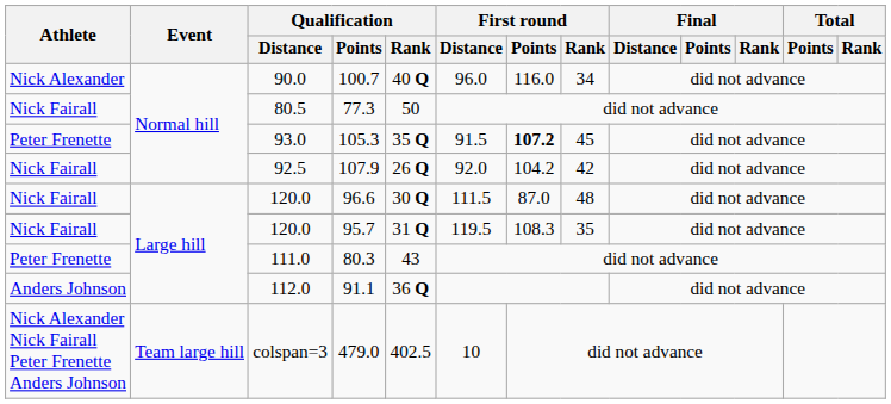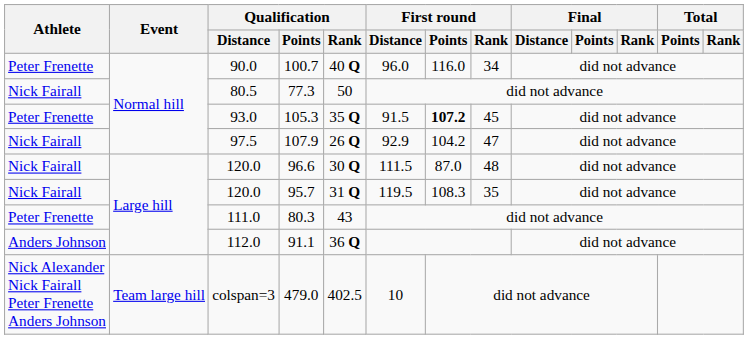 <table class=wikitable style=font-size:90%;text-align:center>
 <tr>
 <th rowspan=2>Athlete</th>
 <th rowspan=2>Event</th>
 <th colspan=3>Qualification</th>
 <th colspan=3>First round</th>
 <th colspan=3>Final</th>
 <th colspan=2>Total</th>
 </tr>
 <tr style=font-size:95%>
 <th>Distance</th>
 <th>Points</th>
 <th>Rank</th>
 <th>Distance</th>
 <th>Points</th>
 <th>Rank</th>
 <th>Distance</th>
 <th>Points</th>
 <th>Rank</th>
 <th>Points</th>
 <th>Rank</th>
 </tr>
 <tr>
-<td align=left><a href='#'>Nick Alexander</a></td>
+<td align=left><a href='#'>Peter Frenette</a></td>
 <td align=left rowspan=4><a href='#'>Normal hill</a></td>
 <td>90.0</td>
 <td>100.7</td>
 <td>40 <strong>Q</strong></td>
 <td>96.0</td>
 <td>116.0</td>
 <td>34</td>
 <td colspan=5>did not advance</td>
 </tr>
 <tr>
 <td align=left><a href='#'>Nick Fairall</a></td>
 <td>80.5</td>
 <td>77.3</td>
 <td>50</td>
 <td colspan=8>did not advance</td>
 </tr>
 <tr>
 <td align=left><a href='#'>Peter Frenette</a></td>
 <td>93.0</td>
 <td>105.3</td>
 <td>35 <strong>Q</strong></td>
 <td>91.5</td>
 <td><strong>107.2</strong></td>
 <td>45</td>
 <td colspan=5>did not advance</td>
 </tr>
 <tr>
 <td align=left><a href='#'>Nick Fairall</a></td>
-<td>92.5</td>
+<td>97.5</td>
 <td>107.9</td>
 <td>26 <strong>Q</strong></td>
-<td>92.0</td>
+<td>92.9</td>
 <td>104.2</td>
-<td>42</td>
+<td>47</td>
 <td colspan=5>did not advance</td>
 </tr>
 <tr>
 <td align=left><a href='#'>Nick Fairall</a></td>
 <td align=left rowspan=4><a href='#'>Large hill</a></td>
 <td>120.0</td>
 <td>96.6</td>
 <td>30 <strong>Q</strong></td>
 <td>111.5</td>
 <td>87.0</td>
 <td>48</td>
 <td colspan=5>did not advance</td>
 </tr>
 <tr>
 <td align=left><a href='#'>Nick Fairall</a></td>
 <td>120.0</td>
 <td>95.7</td>
 <td>31 <strong>Q</strong></td>
 <td>119.5</td>
 <td>108.3</td>
 <td>35</td>
 <td colspan=5>did not advance</td>
 </tr>
 <tr>
 <td align=left><a href='#'>Peter Frenette</a></td>
 <td>111.0</td>
 <td>80.3</td>
 <td>43</td>
 <td colspan=8>did not advance</td>
 </tr>
 <tr>
 <td align=left><a href='#'>Anders Johnson</a></td>
 <td>112.0</td>
 <td>91.1</td>
 <td>36 <strong>Q</strong></td>
 <td colspan=3></td>
 <td colspan=5>did not advance</td>
 </tr>
 <tr>
 <td align=left><a href='#'>Nick Alexander</a><br><a href='#'>Nick Fairall</a><br><a href='#'>Peter Frenette</a><br><a href='#'>Anders Johnson</a></td>
 <td align=left><a href='#'>Team large hill</a></td>
 <td>colspan=3 </td>
 <td>479.0</td>
 <td>402.5</td>
 <td>10</td>
 <td colspan=5>did not advance</td>
 </tr>
 </table>
